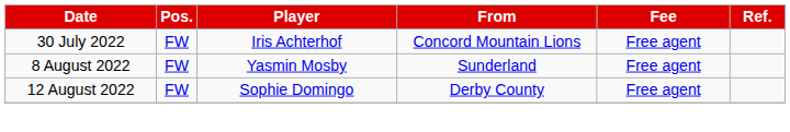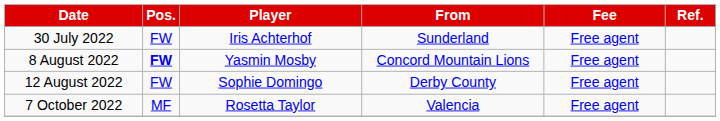 <table class="wikitable" style="text-align:center;">
 <tr>
 <th style="background:#DD0000; color:#FFFFFF; width:150px;">Date</th>
 <th style="background:#DD0000; color:#FFFFFF; width:20px;">Pos.</th>
 <th style="background:#DD0000; color:#FFFFFF; width:200px;">Player</th>
 <th style="background:#DD0000; color:#FFFFFF; width:200px;">From</th>
 <th style="background:#DD0000; color:#FFFFFF; width:130px;">Fee</th>
 <th style="background:#DD0000; color:#FFFFFF; width:50px;">Ref.</th>
 </tr>
 <tr>
 <td>30 July 2022</td>
 <td><a href='#'>FW</a></td>
 <td><a href='#'>Iris Achterhof</a></td>
-<td><a href='#'>Concord Mountain Lions</a></td>
+<td><a href='#'>Sunderland</a></td>
 <td><a href='#'>Free agent</a></td>
 <td></td>
 </tr>
 <tr>
 <td>8 August 2022</td>
-<td><a href='#'>FW</a></td>
+<td><strong><a href='#'>FW</a></strong></td>
 <td><a href='#'>Yasmin Mosby</a></td>
-<td><a href='#'>Sunderland</a></td>
+<td><a href='#'>Concord Mountain Lions</a></td>
 <td><a href='#'>Free agent</a></td>
 <td></td>
 </tr>
 <tr>
 <td>12 August 2022</td>
 <td><a href='#'>FW</a></td>
 <td><a href='#'>Sophie Domingo</a></td>
 <td><a href='#'>Derby County</a></td>
 <td><a href='#'>Free agent</a></td>
 <td></td>
 </tr>
 <tr>
+<td>7 October 2022</td>
+<td><a href='#'>MF</a></td>
+<td><a href='#'>Rosetta Taylor </a></td>
+<td><a href='#'>Valencia</a></td>
+<td><a href='#'>Free agent</a></td>
+<td></td>
+</tr>
+<tr>
 </tr>
 </table>
